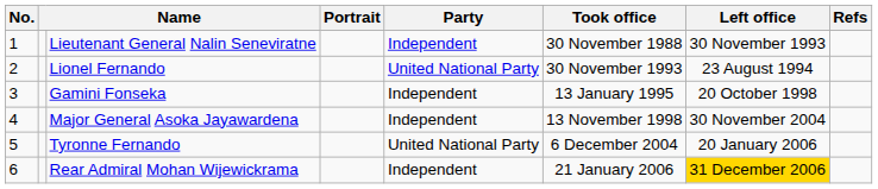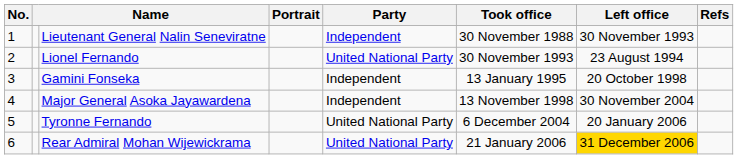 <table class="wikitable plainrowheaders sortable" style="font-size:100%; text-align:left;">
 <tr>
 <th>No.</th>
 <th colspan="2">Name</th>
 <th class=unsortable>Portrait</th>
 <th>Party</th>
 <th>Took office</th>
 <th>Left office</th>
 <th class=unsortable>Refs</th>
 </tr>
 <tr>
 <td>1</td>
 <td !align="center" style="background:"></td>
 <td><a href='#'>Lieutenant General</a> <a href='#'>Nalin Seneviratne</a></td>
 <td></td>
 <td><a href='#'>Independent</a></td>
 <td align=center>30 November 1988</td>
 <td align=center>30 November 1993</td>
 <td align=center></td>
 </tr>
 <tr>
 <td>2</td>
 <td !align="center" style="background:"></td>
 <td><a href='#'>Lionel Fernando</a></td>
 <td></td>
 <td><a href='#'>United National Party</a></td>
 <td align=center>30 November 1993</td>
 <td align=center>23 August 1994</td>
 <td align=center></td>
 </tr>
 <tr>
 <td>3</td>
 <td !align="center" style="background:"></td>
 <td><a href='#'>Gamini Fonseka</a></td>
 <td></td>
 <td>Independent</td>
 <td align=center>13 January 1995</td>
 <td align=center>20 October 1998</td>
 <td align=center></td>
 </tr>
 <tr>
 <td>4</td>
 <td !align="center" style="background:"></td>
 <td><a href='#'>Major General</a> <a href='#'>Asoka Jayawardena</a></td>
 <td></td>
 <td>Independent</td>
 <td align=center>13 November 1998</td>
 <td align=center>30 November 2004</td>
 <td align=center></td>
 </tr>
 <tr>
 <td>5</td>
 <td !align="center" style="background:"></td>
 <td><a href='#'>Tyronne Fernando</a></td>
 <td></td>
 <td>United National Party</td>
 <td align=center>6 December 2004</td>
 <td align=center>20 January 2006</td>
 <td align=center></td>
 </tr>
 <tr>
 <td>6</td>
 <td !align="center" style="background:"></td>
 <td><a href='#'>Rear Admiral</a> <a href='#'>Mohan Wijewickrama</a></td>
 <td></td>
-<td>Independent</td>
+<td><a href='#'>United National Party</a></td>
 <td align=center>21 January 2006</td>
 <td align=center style="background: gold;">31 December 2006</td>
 <td align=center></td>
 </tr>
 </table>
